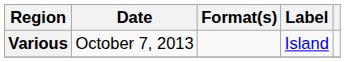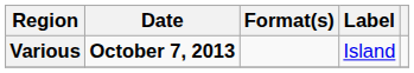 <table class="wikitable plainrowheaders">
 <tr>
 <th scope="col">Region</th>
 <th scope="col">Date</th>
 <th scope="col">Format(s)</th>
 <th scope="col">Label</th>
 <th scope="col"></th>
 </tr>
 <tr>
 <th scope="row">Various</th>
-<td>October 7, 2013</td>
+<td><strong>October 7, 2013</strong></td>
 <td></td>
 <td><a href='#'>Island</a></td>
 <td style="text-align:center;"></td>
 </tr>
 <tr>
 </tr>
 </table>
